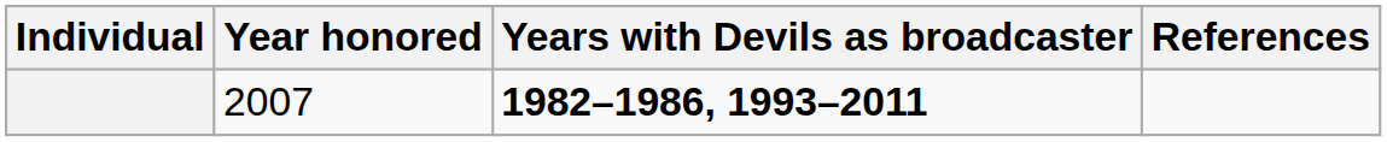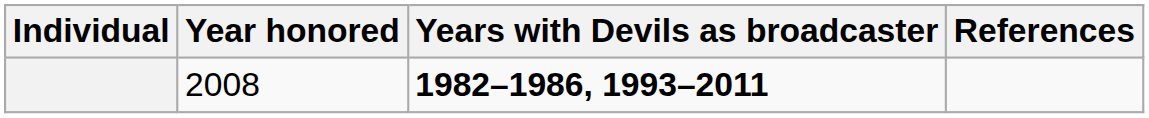 <table class="wikitable sortable">
 <tr>
 <th scope="col">Individual</th>
 <th scope="col">Year honored</th>
 <th scope="col">Years with Devils as broadcaster</th>
 <th scope="col" class="unsortable">References</th>
 </tr>
 <tr>
 <th scope="row"></th>
-<td>2007</td>
+<td>2008</td>
 <td><strong>1982–1986, 1993–2011</strong></td>
 <td></td>
 </tr>
 </table>
